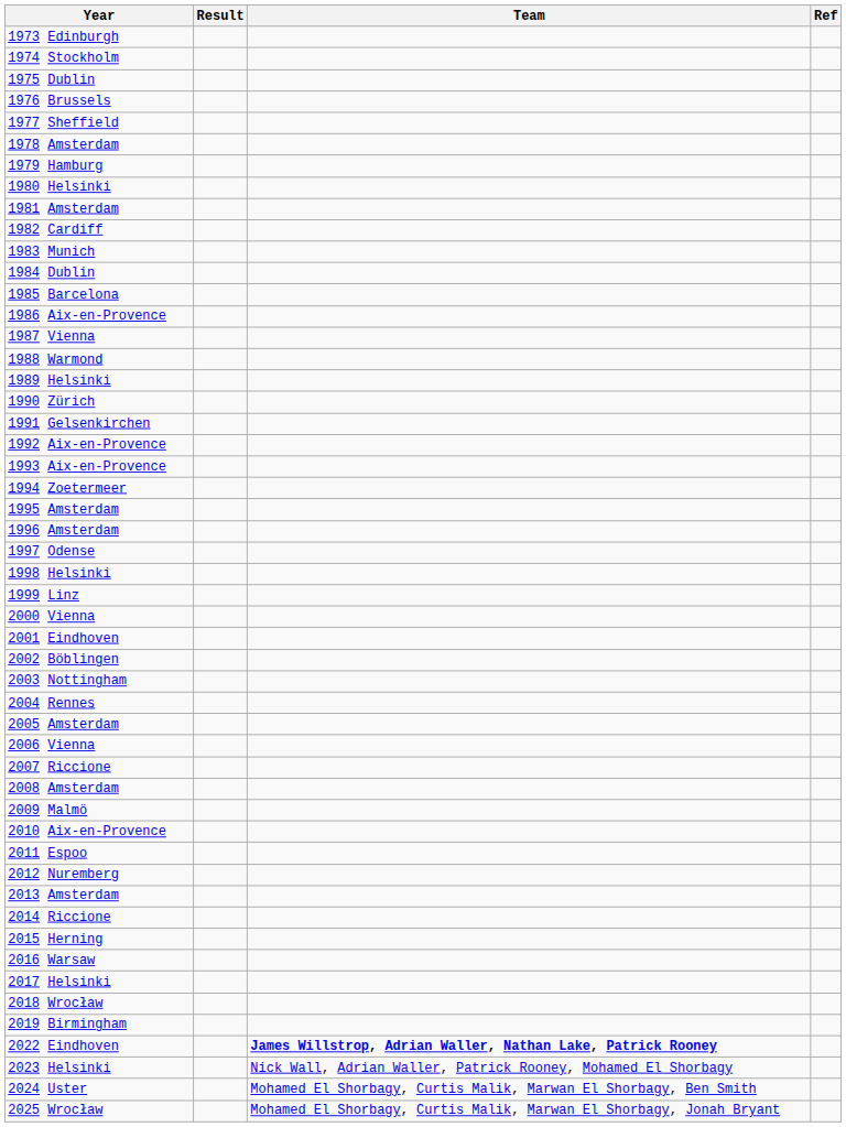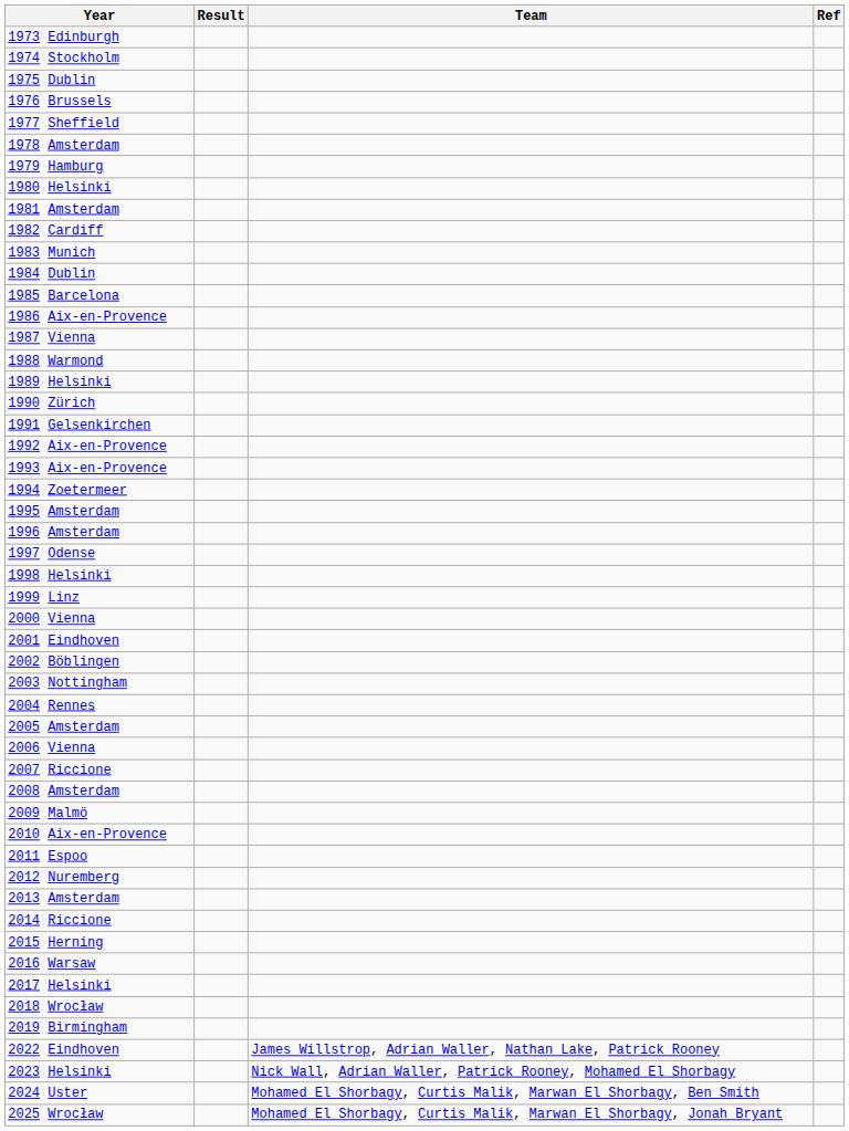 <table class="wikitable" style="text-align:left">
 <tr>
 <th width=180>Year</th>
 <th width=30>Result</th>
 <th width=550>Team</th>
 <th width=20>Ref</th>
 </tr>
 <tr>
 <td><a href='#'>1973</a>  <a href='#'>Edinburgh</a></td>
 <td></td>
 <td></td>
 <td></td>
 </tr>
 <tr>
 <td><a href='#'>1974</a>  <a href='#'>Stockholm</a></td>
 <td></td>
 <td></td>
 <td></td>
 </tr>
 <tr>
 <td><a href='#'>1975</a>  <a href='#'>Dublin</a></td>
 <td></td>
 <td></td>
 <td></td>
 </tr>
 <tr>
 <td><a href='#'>1976</a>  <a href='#'>Brussels</a></td>
 <td></td>
 <td></td>
 <td></td>
 </tr>
 <tr>
 <td><a href='#'>1977</a>  <a href='#'>Sheffield</a></td>
 <td></td>
 <td></td>
 <td></td>
 </tr>
 <tr>
 <td><a href='#'>1978</a>  <a href='#'>Amsterdam</a></td>
 <td></td>
 <td></td>
 <td></td>
 </tr>
 <tr>
 <td><a href='#'>1979</a>  <a href='#'>Hamburg</a></td>
 <td></td>
 <td></td>
 <td></td>
 </tr>
 <tr>
 <td><a href='#'>1980</a>  <a href='#'>Helsinki</a></td>
 <td></td>
 <td></td>
 <td></td>
 </tr>
 <tr>
 <td><a href='#'>1981</a>  <a href='#'>Amsterdam</a></td>
 <td></td>
 <td></td>
 <td></td>
 </tr>
 <tr>
 <td><a href='#'>1982</a>  <a href='#'>Cardiff</a></td>
 <td></td>
 <td></td>
 <td></td>
 </tr>
 <tr>
 <td><a href='#'>1983</a>  <a href='#'>Munich</a></td>
 <td></td>
 <td></td>
 <td></td>
 </tr>
 <tr>
 <td><a href='#'>1984</a>  <a href='#'>Dublin</a></td>
 <td></td>
 <td></td>
 <td></td>
 </tr>
 <tr>
 <td><a href='#'>1985</a>  <a href='#'>Barcelona</a></td>
 <td></td>
 <td></td>
 <td></td>
 </tr>
 <tr>
 <td><a href='#'>1986</a>  <a href='#'>Aix-en-Provence</a></td>
 <td></td>
 <td></td>
 <td></td>
 </tr>
 <tr>
 <td><a href='#'>1987</a>  <a href='#'>Vienna</a></td>
 <td></td>
 <td></td>
 <td></td>
 </tr>
 <tr>
 <td><a href='#'>1988</a>  <a href='#'>Warmond</a></td>
 <td></td>
 <td></td>
 <td></td>
 </tr>
 <tr>
 <td><a href='#'>1989</a>  <a href='#'>Helsinki</a></td>
 <td></td>
 <td></td>
 <td></td>
 </tr>
 <tr>
 <td><a href='#'>1990</a>  <a href='#'>Zürich</a></td>
 <td></td>
 <td></td>
 <td></td>
 </tr>
 <tr>
 <td><a href='#'>1991</a>  <a href='#'>Gelsenkirchen</a></td>
 <td></td>
 <td></td>
 <td></td>
 </tr>
 <tr>
 <td><a href='#'>1992</a>  <a href='#'>Aix-en-Provence</a></td>
 <td></td>
 <td></td>
 <td></td>
 </tr>
 <tr>
 <td><a href='#'>1993</a>  <a href='#'>Aix-en-Provence</a></td>
 <td></td>
 <td></td>
 <td></td>
 </tr>
 <tr>
 <td><a href='#'>1994</a>  <a href='#'>Zoetermeer</a></td>
 <td></td>
 <td></td>
 <td></td>
 </tr>
 <tr>
 <td><a href='#'>1995</a>  <a href='#'>Amsterdam</a></td>
 <td></td>
 <td></td>
 <td></td>
 </tr>
 <tr>
 <td><a href='#'>1996</a>  <a href='#'>Amsterdam</a></td>
 <td></td>
 <td></td>
 <td></td>
 </tr>
 <tr>
 <td><a href='#'>1997</a>  <a href='#'>Odense</a></td>
 <td></td>
 <td></td>
 <td></td>
 </tr>
 <tr>
 <td><a href='#'>1998</a>  <a href='#'>Helsinki</a></td>
 <td></td>
 <td></td>
 <td></td>
 </tr>
 <tr>
 <td><a href='#'>1999</a>  <a href='#'>Linz</a></td>
 <td></td>
 <td></td>
 <td></td>
 </tr>
 <tr>
 <td><a href='#'>2000</a>  <a href='#'>Vienna</a></td>
 <td></td>
 <td></td>
 <td></td>
 </tr>
 <tr>
 <td><a href='#'>2001</a>  <a href='#'>Eindhoven</a></td>
 <td></td>
 <td></td>
 <td></td>
 </tr>
 <tr>
 <td><a href='#'>2002</a>  <a href='#'>Böblingen</a></td>
 <td></td>
 <td></td>
 <td></td>
 </tr>
 <tr>
 <td><a href='#'>2003</a>  <a href='#'>Nottingham</a></td>
 <td></td>
 <td></td>
 <td></td>
 </tr>
 <tr>
 <td><a href='#'>2004</a>  <a href='#'>Rennes</a></td>
 <td></td>
 <td></td>
 <td></td>
 </tr>
 <tr>
 <td><a href='#'>2005</a>  <a href='#'>Amsterdam</a></td>
 <td></td>
 <td></td>
 <td></td>
 </tr>
 <tr>
 <td><a href='#'>2006</a>  <a href='#'>Vienna</a></td>
 <td></td>
 <td></td>
 <td></td>
 </tr>
 <tr>
 <td><a href='#'>2007</a>  <a href='#'>Riccione</a></td>
 <td></td>
 <td></td>
 <td></td>
 </tr>
 <tr>
 <td><a href='#'>2008</a>  <a href='#'>Amsterdam</a></td>
 <td></td>
 <td></td>
 <td></td>
 </tr>
 <tr>
 <td><a href='#'>2009</a>  <a href='#'>Malmö</a></td>
 <td></td>
 <td></td>
 <td></td>
 </tr>
 <tr>
 <td><a href='#'>2010</a>  <a href='#'>Aix-en-Provence</a></td>
 <td></td>
 <td></td>
 <td></td>
 </tr>
 <tr>
 <td><a href='#'>2011</a>  <a href='#'>Espoo</a></td>
 <td></td>
 <td></td>
 <td></td>
 </tr>
 <tr>
 <td><a href='#'>2012</a>  <a href='#'>Nuremberg</a></td>
 <td></td>
 <td></td>
 <td></td>
 </tr>
 <tr>
 <td><a href='#'>2013</a>  <a href='#'>Amsterdam</a></td>
 <td></td>
 <td></td>
 <td></td>
 </tr>
 <tr>
 <td><a href='#'>2014</a>  <a href='#'>Riccione</a></td>
 <td></td>
 <td></td>
 <td></td>
 </tr>
 <tr>
 <td><a href='#'>2015</a>  <a href='#'>Herning</a></td>
 <td></td>
 <td></td>
 <td></td>
 </tr>
 <tr>
 <td><a href='#'>2016</a>  <a href='#'>Warsaw</a></td>
 <td></td>
 <td></td>
 <td></td>
 </tr>
 <tr>
 <td><a href='#'>2017</a>  <a href='#'>Helsinki</a></td>
 <td></td>
 <td></td>
 <td></td>
 </tr>
 <tr>
 <td><a href='#'>2018</a>  <a href='#'>Wrocław</a></td>
 <td></td>
 <td></td>
 <td></td>
 </tr>
 <tr>
 <td><a href='#'>2019</a>  <a href='#'>Birmingham</a></td>
 <td></td>
 <td></td>
 <td></td>
 </tr>
 <tr>
 <td><a href='#'>2022</a>  <a href='#'>Eindhoven</a></td>
 <td></td>
-<td><strong><a href='#'>James Willstrop</a>, <a href='#'>Adrian Waller</a>, <a href='#'>Nathan Lake</a>, <a href='#'>Patrick Rooney</a></strong></td>
+<td><a href='#'>James Willstrop</a>, <a href='#'>Adrian Waller</a>, <a href='#'>Nathan Lake</a>, <a href='#'>Patrick Rooney</a></td>
 <td></td>
 </tr>
 <tr>
 <td><a href='#'>2023</a>  <a href='#'>Helsinki</a></td>
 <td></td>
 <td><a href='#'>Nick Wall</a>, <a href='#'>Adrian Waller</a>, <a href='#'>Patrick Rooney</a>, <a href='#'>Mohamed El Shorbagy</a></td>
 <td></td>
 </tr>
 <tr>
 <td><a href='#'>2024</a>  <a href='#'>Uster</a></td>
 <td></td>
 <td><a href='#'>Mohamed El Shorbagy</a>, <a href='#'>Curtis Malik</a>, <a href='#'>Marwan El Shorbagy</a>, <a href='#'>Ben Smith</a></td>
 <td></td>
 </tr>
 <tr>
 <td><a href='#'>2025</a>  <a href='#'>Wrocław</a></td>
 <td></td>
 <td><a href='#'>Mohamed El Shorbagy</a>, <a href='#'>Curtis Malik</a>, <a href='#'>Marwan El Shorbagy</a>, <a href='#'>Jonah Bryant</a></td>
 <td></td>
 </tr>
 </table>
